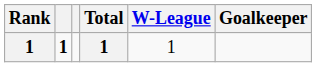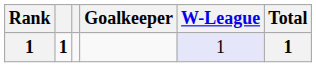 <table class="wikitable" style="text-align:center">
 <tr>
 <th>Rank</th>
 <th></th>
 <th></th>
+<th>Goalkeeper</th>
+<th><a href='#'>W-League</a></th>
 <th>Total</th>
-<th><a href='#'>W-League</a></th>
-<th>Goalkeeper</th>
 </tr>
 <tr>
 <th>1</th>
 <td><strong>1</strong></td>
 <td></td>
+<td align="left"></td>
+<td style="background: lavender;">1</td>
 <th>1</th>
-<td>1</td>
-<td align="left"></td>
 </tr>
 </table>
